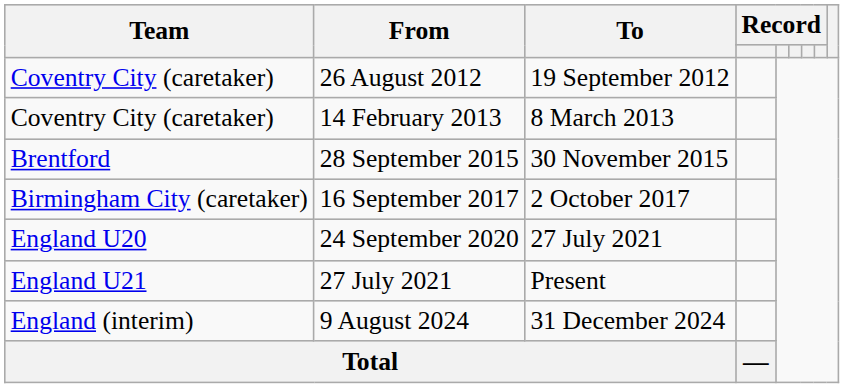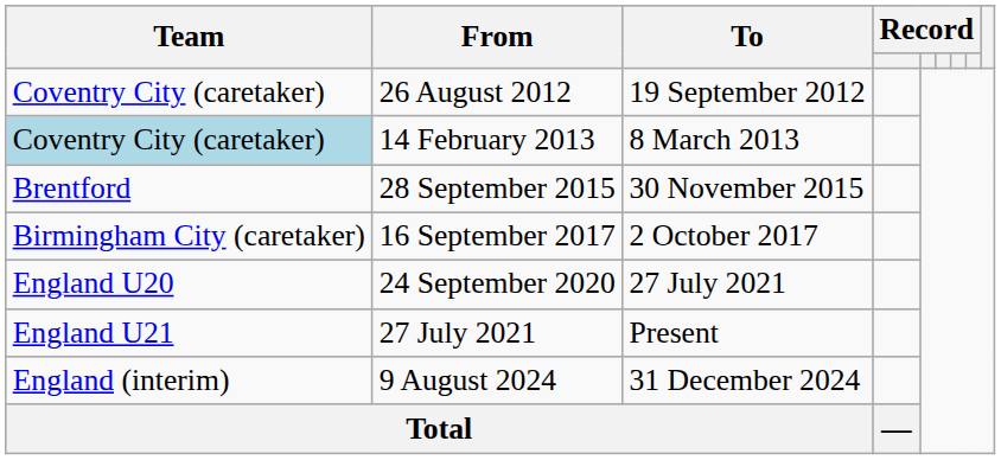 <table class=wikitable style="text-align: center">
 <tr>
 <th rowspan=2>Team</th>
 <th rowspan=2>From</th>
 <th rowspan=2>To</th>
 <th colspan=5>Record</th>
 <th rowspan=2></th>
 </tr>
 <tr>
 <th></th>
 <th></th>
 <th></th>
 <th></th>
 <th></th>
 </tr>
 <tr>
 <td align=left><a href='#'>Coventry City</a> (caretaker)</td>
 <td align=left>26 August 2012</td>
 <td align=left>19 September 2012<br></td>
 <td></td>
 </tr>
 <tr>
-<td align=left>Coventry City (caretaker)</td>
+<td align=left style="background: lightblue;">Coventry City (caretaker)</td>
 <td align=left>14 February 2013</td>
 <td align=left>8 March 2013<br></td>
 <td></td>
 </tr>
 <tr>
 <td align=left><a href='#'>Brentford</a></td>
 <td align=left>28 September 2015</td>
 <td align=left>30 November 2015<br></td>
 <td></td>
 </tr>
 <tr>
 <td align=left><a href='#'>Birmingham City</a> (caretaker)</td>
 <td align=left>16 September 2017</td>
 <td align=left>2 October 2017<br></td>
 <td></td>
 </tr>
 <tr>
 <td align=left><a href='#'>England U20</a></td>
 <td align=left>24 September 2020</td>
 <td align=left>27 July 2021<br></td>
 <td></td>
 </tr>
 <tr>
 <td align=left><a href='#'>England U21</a></td>
 <td align=left>27 July 2021</td>
 <td align=left>Present<br></td>
 <td></td>
 </tr>
 <tr>
 <td align=left><a href='#'>England</a> (interim)</td>
 <td align=left>9 August 2024</td>
 <td align=left>31 December 2024<br></td>
 <td></td>
 </tr>
 <tr>
 <th colspan=3>Total<br></th>
 <th>—</th>
 </tr>
 </table>
